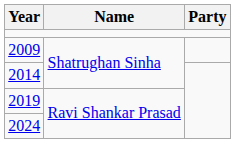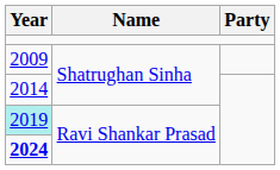 <table class="wikitable">
 <tr>
 <th>Year</th>
 <th>Name</th>
 <th colspan="2">Party</th>
 </tr>
 <tr>
 <td colspan="4"></td>
 </tr>
 <tr>
 <td><a href='#'>2009</a></td>
 <td rowspan="2"><a href='#'>Shatrughan Sinha</a></td>
 <td></td>
 </tr>
 <tr>
 <td><a href='#'>2014</a></td>
 </tr>
 <tr>
-<td><a href='#'>2019</a></td>
+<td style="background: paleturquoise;"><a href='#'>2019</a></td>
 <td rowspan="2"><a href='#'>Ravi Shankar Prasad</a></td>
 </tr>
 <tr>
-<td><a href='#'>2024</a></td>
+<td><strong><a href='#'>2024</a></strong></td>
 </tr>
 </table>
